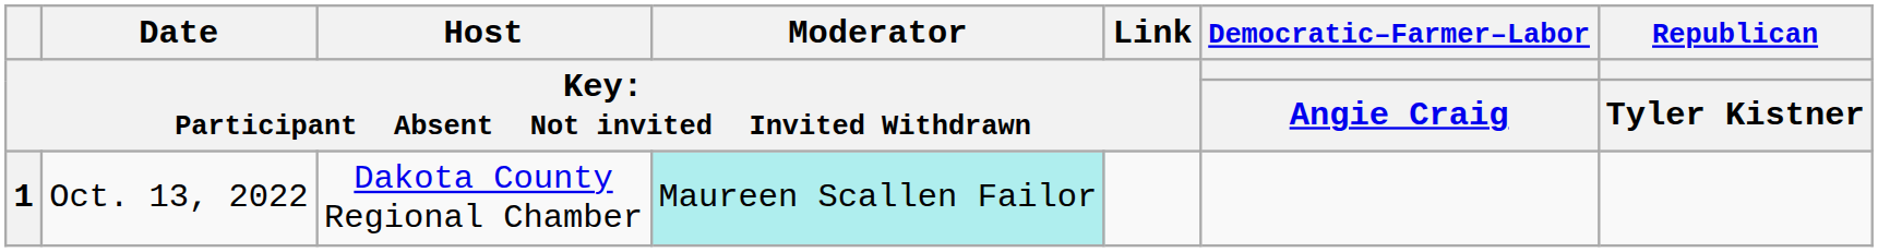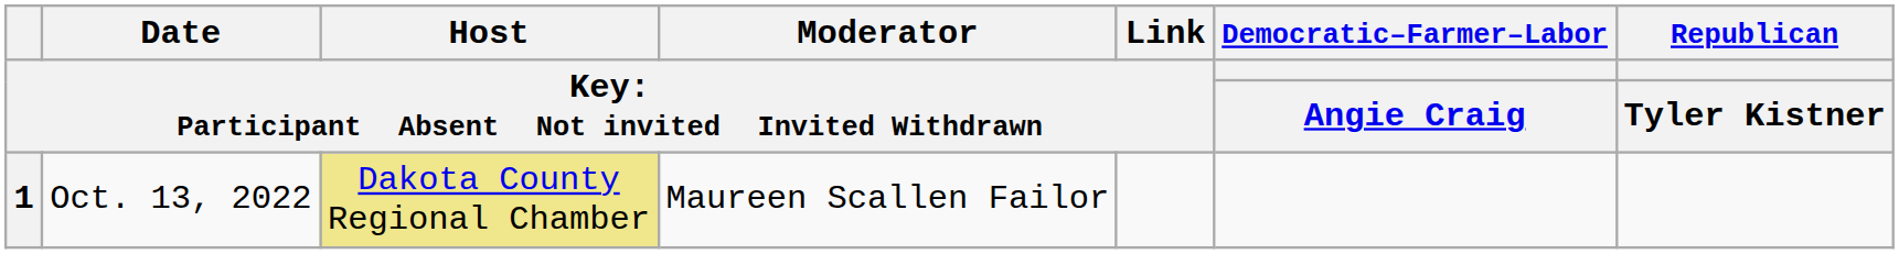 <table class="wikitable" style="text-align:center;">
 <tr>
 <th scope="col"></th>
 <th scope="col">Date</th>
 <th scope="col">Host</th>
 <th scope="col">Moderator</th>
 <th scope="col">Link</th>
 <th scope="col"><small><a href='#'>Democratic–Farmer–Labor</a></small></th>
 <th scope="col"><small><a href='#'>Republican</a></small></th>
 </tr>
 <tr>
 <th colspan="5" rowspan="2">Key:<br> <small>Participant </small>  <small>Absent </small>  <small>Not invited </small>  <small>Invited  Withdrawn</small></th>
 <th scope="col" style="background:"></th>
 <th scope="col" style="background:"></th>
 </tr>
 <tr>
 <th scope="col"><a href='#'>Angie Craig</a></th>
 <th scope="col">Tyler Kistner</th>
 </tr>
 <tr>
 <th>1</th>
 <td style="white-space:nowrap;">Oct. 13, 2022</td>
-<td style="white-space:nowrap;"><a href='#'>Dakota County</a><br>Regional Chamber</td>
-<td style="background: paleturquoise; white-space:nowrap;">Maureen Scallen Failor</td>
+<td style="background: khaki; white-space:nowrap;"><a href='#'>Dakota County</a><br>Regional Chamber</td>
+<td style="white-space:nowrap;">Maureen Scallen Failor</td>
 <td style="white-space:nowrap;"></td>
 <td></td>
 <td></td>
 </tr>
 </table>
